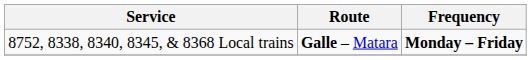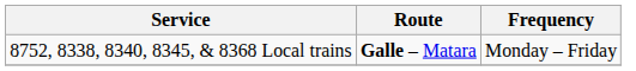 <table class="wikitable">
 <tr style="background-color:#e3e3e3;">
 <th>Service</th>
 <th>Route</th>
 <th>Frequency</th>
 </tr>
 <tr>
 <td>8752, 8338, 8340, 8345, & 8368 Local trains</td>
 <td><strong>Galle</strong> – <a href='#'>Matara</a></td>
-<td><strong>Monday – Friday</strong></td>
+<td>Monday – Friday</td>
 </tr>
 <tr>
 </tr>
 </table>
